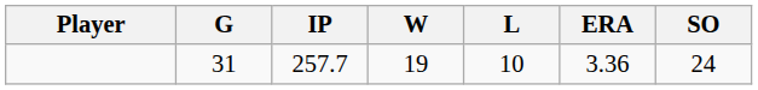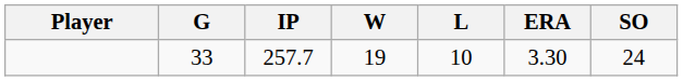 <table class="wikitable sortable">
 <tr>
 <th bgcolor="#DDDDFF" width="16%">Player</th>
 <th bgcolor="#DDDDFF" width="9%">G</th>
 <th bgcolor="#DDDDFF" width="9%">IP</th>
 <th bgcolor="#DDDDFF" width="9%">W</th>
 <th bgcolor="#DDDDFF" width="9%">L</th>
 <th bgcolor="#DDDDFF" width="9%">ERA</th>
 <th bgcolor="#DDDDFF" width="9%">SO</th>
 </tr>
 <tr align="center">
 <td></td>
-<td>31</td>
+<td>33</td>
 <td>257.7</td>
 <td>19</td>
 <td>10</td>
-<td>3.36</td>
+<td>3.30</td>
 <td>24</td>
 </tr>
 </table>
